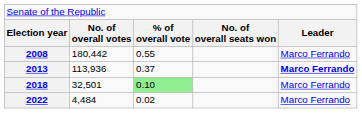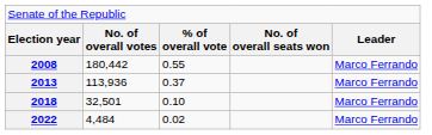 <table class=wikitable>
 <tr>
 <td colspan=5><a href='#'>Senate of the Republic</a></td>
 </tr>
 <tr>
 <th>Election year</th>
 <th>No. of<br>overall votes</th>
 <th>% of<br>overall vote</th>
 <th>No. of<br>overall seats won</th>
 <th>Leader</th>
 </tr>
 <tr>
 <th><a href='#'>2008</a></th>
 <td>180,442</td>
 <td>0.55</td>
 <td></td>
 <td><a href='#'>Marco Ferrando</a></td>
 </tr>
 <tr>
 <th><a href='#'>2013</a></th>
 <td>113,936</td>
 <td>0.37</td>
 <td></td>
-<td><strong><a href='#'>Marco Ferrando</a></strong></td>
+<td><a href='#'>Marco Ferrando</a></td>
 </tr>
 <tr>
 <th><a href='#'>2018</a></th>
 <td>32,501 </td>
-<td style="background: lightgreen;">0.10 </td>
+<td>0.10 </td>
 <td></td>
 <td><a href='#'>Marco Ferrando</a></td>
 </tr>
 <tr>
 <th><a href='#'>2022</a></th>
 <td>4,484</td>
 <td>0.02</td>
 <td></td>
 <td><a href='#'>Marco Ferrando</a></td>
 </tr>
 </table>
